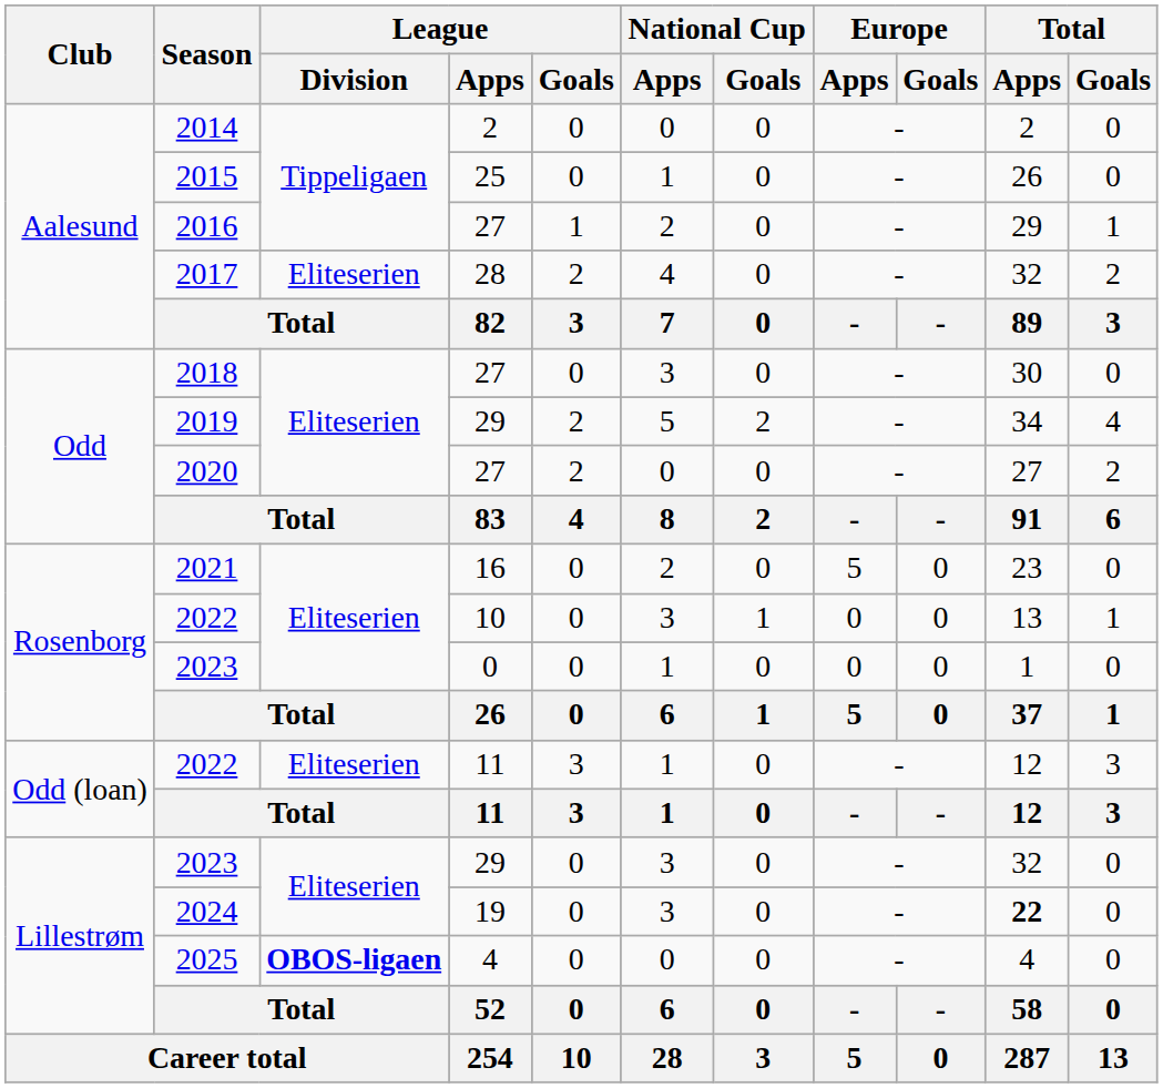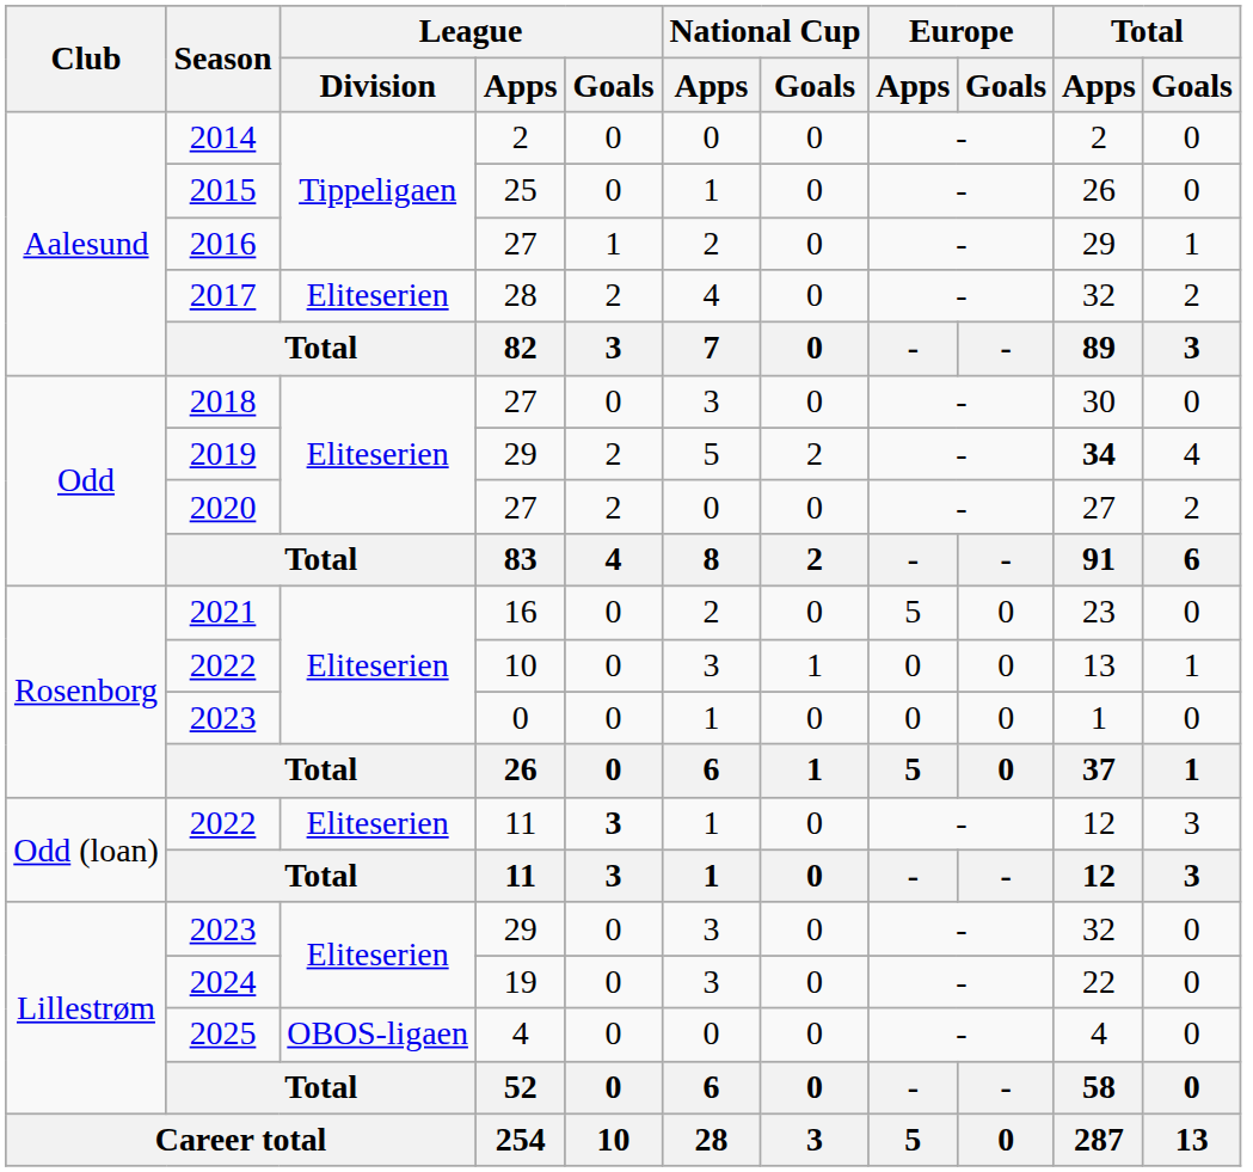 <table class="wikitable" style="text-align: center;">
 <tr>
 <th rowspan="2">Club</th>
 <th rowspan="2">Season</th>
 <th colspan="3">League</th>
 <th colspan="2">National Cup</th>
 <th colspan="2">Europe</th>
 <th colspan="2">Total</th>
 </tr>
 <tr>
 <th>Division</th>
 <th>Apps</th>
 <th>Goals</th>
 <th>Apps</th>
 <th>Goals</th>
 <th>Apps</th>
 <th>Goals</th>
 <th>Apps</th>
 <th>Goals</th>
 </tr>
 <tr>
 <td rowspan="5"><a href='#'>Aalesund</a></td>
 <td><a href='#'>2014</a></td>
 <td rowspan="3"><a href='#'>Tippeligaen</a></td>
 <td>2</td>
 <td>0</td>
 <td>0</td>
 <td>0</td>
 <td colspan="2">-</td>
 <td>2</td>
 <td>0</td>
 </tr>
 <tr>
 <td><a href='#'>2015</a></td>
 <td>25</td>
 <td>0</td>
 <td>1</td>
 <td>0</td>
 <td colspan="2">-</td>
 <td>26</td>
 <td>0</td>
 </tr>
 <tr>
 <td><a href='#'>2016</a></td>
 <td>27</td>
 <td>1</td>
 <td>2</td>
 <td>0</td>
 <td colspan="2">-</td>
 <td>29</td>
 <td>1</td>
 </tr>
 <tr>
 <td><a href='#'>2017</a></td>
 <td rowspan="1"><a href='#'>Eliteserien</a></td>
 <td>28</td>
 <td>2</td>
 <td>4</td>
 <td>0</td>
 <td colspan="2">-</td>
 <td>32</td>
 <td>2</td>
 </tr>
 <tr>
 <th colspan="2">Total</th>
 <th>82</th>
 <th>3</th>
 <th>7</th>
 <th>0</th>
 <th>-</th>
 <th>-</th>
 <th>89</th>
 <th>3</th>
 </tr>
 <tr>
 <td rowspan="4"><a href='#'>Odd</a></td>
 <td><a href='#'>2018</a></td>
 <td rowspan="3"><a href='#'>Eliteserien</a></td>
 <td>27</td>
 <td>0</td>
 <td>3</td>
 <td>0</td>
 <td colspan="2">-</td>
 <td>30</td>
 <td>0</td>
 </tr>
 <tr>
 <td><a href='#'>2019</a></td>
 <td>29</td>
 <td>2</td>
 <td>5</td>
 <td>2</td>
 <td colspan="2">-</td>
-<td>34</td>
+<td><strong>34</strong></td>
 <td>4</td>
 </tr>
 <tr>
 <td><a href='#'>2020</a></td>
 <td>27</td>
 <td>2</td>
 <td>0</td>
 <td>0</td>
 <td colspan="2">-</td>
 <td>27</td>
 <td>2</td>
 </tr>
 <tr>
 <th colspan="2">Total</th>
 <th>83</th>
 <th>4</th>
 <th>8</th>
 <th>2</th>
 <th>-</th>
 <th>-</th>
 <th>91</th>
 <th>6</th>
 </tr>
 <tr>
 <td rowspan="4"><a href='#'>Rosenborg</a></td>
 <td><a href='#'>2021</a></td>
 <td rowspan="3"><a href='#'>Eliteserien</a></td>
 <td>16</td>
 <td>0</td>
 <td>2</td>
 <td>0</td>
 <td>5</td>
 <td>0</td>
 <td>23</td>
 <td>0</td>
 </tr>
 <tr>
 <td><a href='#'>2022</a></td>
 <td>10</td>
 <td>0</td>
 <td>3</td>
 <td>1</td>
 <td>0</td>
 <td>0</td>
 <td>13</td>
 <td>1</td>
 </tr>
 <tr>
 <td><a href='#'>2023</a></td>
 <td>0</td>
 <td>0</td>
 <td>1</td>
 <td>0</td>
 <td>0</td>
 <td>0</td>
 <td>1</td>
 <td>0</td>
 </tr>
 <tr>
 <th colspan="2">Total</th>
 <th>26</th>
 <th>0</th>
 <th>6</th>
 <th>1</th>
 <th>5</th>
 <th>0</th>
 <th>37</th>
 <th>1</th>
 </tr>
 <tr>
 <td rowspan="2"><a href='#'>Odd</a> (loan)</td>
 <td><a href='#'>2022</a></td>
 <td rowspan="1"><a href='#'>Eliteserien</a></td>
 <td>11</td>
-<td>3</td>
+<td><strong>3</strong></td>
 <td>1</td>
 <td>0</td>
 <td colspan="2">-</td>
 <td>12</td>
 <td>3</td>
 </tr>
 <tr>
 <th colspan="2">Total</th>
 <th>11</th>
 <th>3</th>
 <th>1</th>
 <th>0</th>
 <th>-</th>
 <th>-</th>
 <th>12</th>
 <th>3</th>
 </tr>
 <tr>
 <td rowspan="4"><a href='#'>Lillestrøm</a></td>
 <td><a href='#'>2023</a></td>
 <td rowspan="2"><a href='#'>Eliteserien</a></td>
 <td>29</td>
 <td>0</td>
 <td>3</td>
 <td>0</td>
 <td colspan="2">-</td>
 <td>32</td>
 <td>0</td>
 </tr>
 <tr>
 <td><a href='#'>2024</a></td>
 <td>19</td>
 <td>0</td>
 <td>3</td>
 <td>0</td>
 <td colspan="2">-</td>
-<td><strong>22</strong></td>
+<td>22</td>
 <td>0</td>
 </tr>
 <tr>
 <td><a href='#'>2025</a></td>
-<td rowspan="1"><strong><a href='#'>OBOS-ligaen</a></strong></td>
+<td rowspan="1"><a href='#'>OBOS-ligaen</a></td>
 <td>4</td>
 <td>0</td>
 <td>0</td>
 <td>0</td>
 <td colspan="2">-</td>
 <td>4</td>
 <td>0</td>
 </tr>
 <tr>
 <th colspan="2">Total</th>
 <th>52</th>
 <th>0</th>
 <th>6</th>
 <th>0</th>
 <th>-</th>
 <th>-</th>
 <th>58</th>
 <th>0</th>
 </tr>
 <tr>
 <th colspan="3">Career total</th>
 <th>254</th>
 <th>10</th>
 <th>28</th>
 <th>3</th>
 <th>5</th>
 <th>0</th>
 <th>287</th>
 <th>13</th>
 </tr>
 </table>
